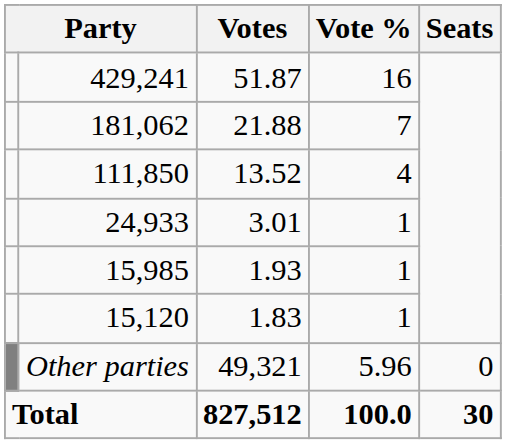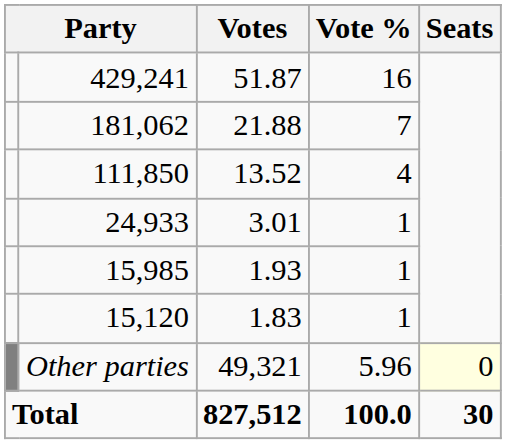 <table class="wikitable" style="text-align:right">
 <tr>
 <th colspan=2>Party</th>
 <th>Votes</th>
 <th>Vote %</th>
 <th>Seats</th>
 </tr>
 <tr>
 <td></td>
 <td>429,241</td>
 <td>51.87</td>
 <td>16</td>
 </tr>
 <tr>
 <td></td>
 <td>181,062</td>
 <td>21.88</td>
 <td>7</td>
 </tr>
 <tr>
 <td></td>
 <td>111,850</td>
 <td>13.52</td>
 <td>4</td>
 </tr>
 <tr>
 <td></td>
 <td>24,933</td>
 <td>3.01</td>
 <td>1</td>
 </tr>
 <tr>
 <td></td>
 <td>15,985</td>
 <td>1.93</td>
 <td>1</td>
 </tr>
 <tr>
 <td></td>
 <td>15,120</td>
 <td>1.83</td>
 <td>1</td>
 </tr>
 <tr>
 <td style="background-color:grey"></td>
 <td style="text-align:left"><em>Other parties</em></td>
 <td>49,321</td>
 <td>5.96</td>
-<td>0</td>
+<td style="background: lightyellow;">0</td>
 </tr>
 <tr>
 <td colspan="2" style="text-align:left"><strong>Total</strong></td>
 <td><strong>827,512</strong></td>
 <td><strong>100.0</strong></td>
 <td><strong>30</strong></td>
 </tr>
 </table>
